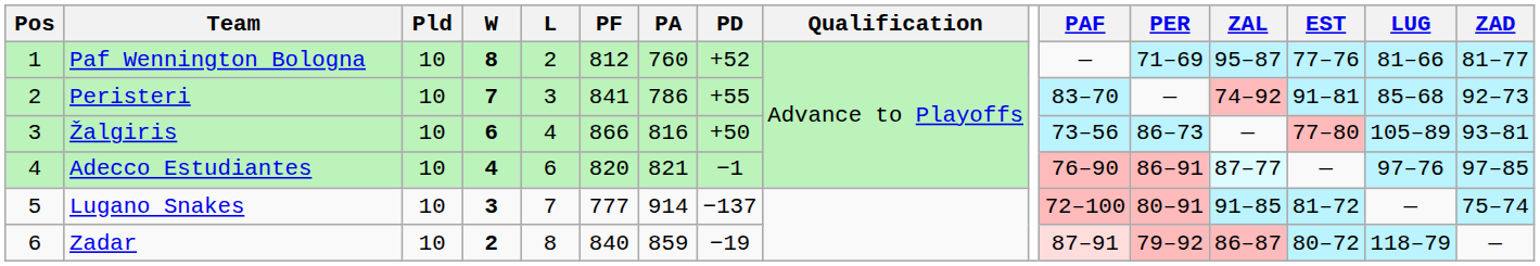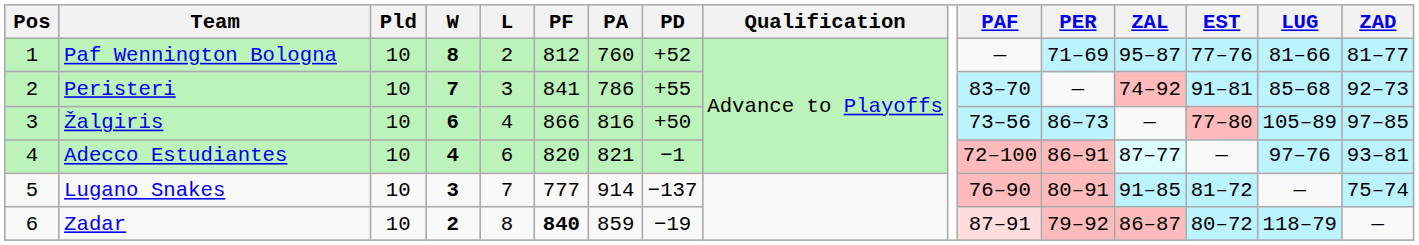 <table class="wikitable" style="text-align:center">
 <tr>
 <th scope="col" width=28><abbr>Pos</abbr></th>
 <th scope="col" width=190>Team</th>
 <th scope="col" width=28><abbr>Pld</abbr></th>
 <th scope="col" width=28><abbr>W</abbr></th>
 <th scope="col" width=28><abbr>L</abbr></th>
 <th scope="col" width=28><abbr>PF</abbr></th>
 <th scope="col" width=28><abbr>PA</abbr></th>
 <th scope="col" width=28><abbr>PD</abbr></th>
 <th scope="col">Qualification</th>
 <th scope="row" class="unsortable" style="background-color:white;border-top:white;border-bottom:white;line-width:3pt;"></th>
 <th scope="col" width=28> <a href='#'>PAF</a></th>
 <th scope="col" width=28> <a href='#'>PER</a></th>
 <th scope="col" width=28> <a href='#'>ZAL</a></th>
 <th scope="col" width=28> <a href='#'>EST</a></th>
 <th scope="col" width=28> <a href='#'>LUG</a></th>
 <th scope="col" width=28> <a href='#'>ZAD</a></th>
 </tr>
 <tr>
 <th scope="row" style="text-align: center;font-weight: normal;background-color:#BBF3BB;">1</th>
 <td style="text-align: left; white-space:nowrap;font-weight: normal;background-color:#BBF3BB;"> <a href='#'>Paf Wennington Bologna</a></td>
 <td style="font-weight: normal;background-color:#BBF3BB;">10</td>
 <td style="font-weight: bold;background-color:#BBF3BB;">8</td>
 <td style="font-weight: normal;background-color:#BBF3BB;">2</td>
 <td style="font-weight: normal;background-color:#BBF3BB;">812</td>
 <td style="font-weight: normal;background-color:#BBF3BB;">760</td>
 <td style="font-weight: normal;background-color:#BBF3BB;">+52</td>
 <td style="font-weight: normal;background-color:#BBF3BB;" rowspan="4">Advance to <a href='#'>Playoffs</a></td>
 <td style="background-color:white;border-top:white;border-bottom:white;"></td>
 <td style="font-weight:normal;background:transparent;">—</td>
 <td style="white-space:nowrap;font-weight:normal;background:#BBF3FF;">71–69</td>
 <td style="white-space:nowrap;font-weight:normal;background:#BBF3FF;">95–87</td>
 <td style="white-space:nowrap;font-weight:normal;background:#BBF3FF;">77–76</td>
 <td style="white-space:nowrap;font-weight:normal;background:#BBF3FF;">81–66</td>
 <td style="white-space:nowrap;font-weight:normal;background:#BBF3FF;">81–77</td>
 </tr>
 <tr>
 <th scope="row" style="text-align: center;font-weight: normal;background-color:#BBF3BB;">2</th>
 <td style="text-align: left; white-space:nowrap;font-weight: normal;background-color:#BBF3BB;"> <a href='#'>Peristeri</a></td>
 <td style="font-weight: normal;background-color:#BBF3BB;">10</td>
 <td style="font-weight: bold;background-color:#BBF3BB;">7</td>
 <td style="font-weight: normal;background-color:#BBF3BB;">3</td>
 <td style="font-weight: normal;background-color:#BBF3BB;">841</td>
 <td style="font-weight: normal;background-color:#BBF3BB;">786</td>
 <td style="font-weight: normal;background-color:#BBF3BB;">+55</td>
 <td style="background-color:white;border-top:white;border-bottom:white;"></td>
 <td style="white-space:nowrap;font-weight:normal;background:#BBF3FF;">83–70</td>
 <td style="font-weight:normal;background:transparent;">—</td>
 <td style="white-space:nowrap;font-weight:normal;background:#FBB;">74–92</td>
 <td style="white-space:nowrap;font-weight:normal;background:#BBF3FF;">91–81</td>
 <td style="white-space:nowrap;font-weight:normal;background:#BBF3FF;">85–68</td>
 <td style="white-space:nowrap;font-weight:normal;background:#BBF3FF;">92–73</td>
 </tr>
 <tr>
 <th scope="row" style="text-align: center;font-weight: normal;background-color:#BBF3BB;">3</th>
 <td style="text-align: left; white-space:nowrap;font-weight: normal;background-color:#BBF3BB;"> <a href='#'>Žalgiris</a></td>
 <td style="font-weight: normal;background-color:#BBF3BB;">10</td>
 <td style="font-weight: bold;background-color:#BBF3BB;">6</td>
 <td style="font-weight: normal;background-color:#BBF3BB;">4</td>
 <td style="font-weight: normal;background-color:#BBF3BB;">866</td>
 <td style="font-weight: normal;background-color:#BBF3BB;">816</td>
 <td style="font-weight: normal;background-color:#BBF3BB;">+50</td>
 <td style="background-color:white;border-top:white;border-bottom:white;"></td>
 <td style="white-space:nowrap;font-weight:normal;background:#BBF3FF;">73–56</td>
 <td style="white-space:nowrap;font-weight:normal;background:#BBF3FF;">86–73</td>
 <td style="font-weight:normal;background:transparent;">—</td>
 <td style="white-space:nowrap;font-weight:normal;background:#FBB;">77–80</td>
 <td style="white-space:nowrap;font-weight:normal;background:#BBF3FF;">105–89</td>
-<td style="white-space:nowrap;font-weight:normal;background:#BBF3FF;">93–81</td>
+<td style="white-space:nowrap;font-weight:normal;background:#BBF3FF;">97–85</td>
 </tr>
 <tr>
 <th scope="row" style="text-align: center;font-weight: normal;background-color:#BBF3BB;">4</th>
 <td style="text-align: left; white-space:nowrap;font-weight: normal;background-color:#BBF3BB;"> <a href='#'>Adecco Estudiantes</a></td>
 <td style="font-weight: normal;background-color:#BBF3BB;">10</td>
 <td style="font-weight: bold;background-color:#BBF3BB;">4</td>
 <td style="font-weight: normal;background-color:#BBF3BB;">6</td>
 <td style="font-weight: normal;background-color:#BBF3BB;">820</td>
 <td style="font-weight: normal;background-color:#BBF3BB;">821</td>
 <td style="font-weight: normal;background-color:#BBF3BB;">−1</td>
 <td style="background-color:white;border-top:white;border-bottom:white;"></td>
-<td style="white-space:nowrap;font-weight:normal;background:#FBB;">76–90</td>
+<td style="white-space:nowrap;font-weight:normal;background:#FBB;">72–100</td>
 <td style="white-space:nowrap;font-weight:normal;background:#FBB;">86–91</td>
 <td style="white-space:nowrap;font-weight:normal;background:#DDFCFF;">87–77</td>
 <td style="font-weight:normal;background:transparent;">—</td>
 <td style="white-space:nowrap;font-weight:normal;background:#BBF3FF;">97–76</td>
-<td style="white-space:nowrap;font-weight:normal;background:#BBF3FF;">97–85</td>
+<td style="white-space:nowrap;font-weight:normal;background:#BBF3FF;">93–81</td>
 </tr>
 <tr>
 <th scope="row" style="text-align: center;font-weight: normal;background-color:inherit;">5</th>
 <td style="text-align: left; white-space:nowrap;font-weight: normal;background-color:inherit;"> <a href='#'>Lugano Snakes</a></td>
 <td style="font-weight: normal;background-color:inherit;">10</td>
 <td style="font-weight: bold;background-color:inherit;">3</td>
 <td style="font-weight: normal;background-color:inherit;">7</td>
 <td style="font-weight: normal;background-color:inherit;">777</td>
 <td style="font-weight: normal;background-color:inherit;">914</td>
 <td style="font-weight: normal;background-color:inherit;">−137</td>
 <td style="font-weight: normal;background-color:inherit;" rowspan="2"></td>
 <td style="background-color:white;border-top:white;border-bottom:white;"></td>
-<td style="white-space:nowrap;font-weight:normal;background:#FBB;">72–100</td>
+<td style="white-space:nowrap;font-weight:normal;background:#FBB;">76–90</td>
 <td style="white-space:nowrap;font-weight:normal;background:#FBB;">80–91</td>
 <td style="white-space:nowrap;font-weight:normal;background:#BBF3FF;">91–85</td>
 <td style="white-space:nowrap;font-weight:normal;background:#BBF3FF;">81–72</td>
 <td style="font-weight:normal;background:transparent;">—</td>
 <td style="white-space:nowrap;font-weight:normal;background:#BBF3FF;">75–74</td>
 </tr>
 <tr>
 <th scope="row" style="text-align: center;font-weight: normal;background-color:inherit;">6</th>
 <td style="text-align: left; white-space:nowrap;font-weight: normal;background-color:inherit;"> <a href='#'>Zadar</a></td>
 <td style="font-weight: normal;background-color:inherit;">10</td>
 <td style="font-weight: bold;background-color:inherit;">2</td>
 <td style="font-weight: normal;background-color:inherit;">8</td>
-<td style="font-weight: normal;background-color:inherit;">840</td>
+<td style="font-weight: normal;background-color:inherit;"><strong>840</strong></td>
 <td style="font-weight: normal;background-color:inherit;">859</td>
 <td style="font-weight: normal;background-color:inherit;">−19</td>
 <td style="background-color:white;border-top:white;border-bottom:white;"></td>
 <td style="white-space:nowrap;font-weight:normal;background:#FDD;">87–91</td>
 <td style="white-space:nowrap;font-weight:normal;background:#FBB;">79–92</td>
 <td style="white-space:nowrap;font-weight:normal;background:#FBB;">86–87</td>
 <td style="white-space:nowrap;font-weight:normal;background:#BBF3FF;">80–72</td>
 <td style="white-space:nowrap;font-weight:normal;background:#BBF3FF;">118–79</td>
 <td style="font-weight:normal;background:transparent;">—</td>
 </tr>
 </table>
